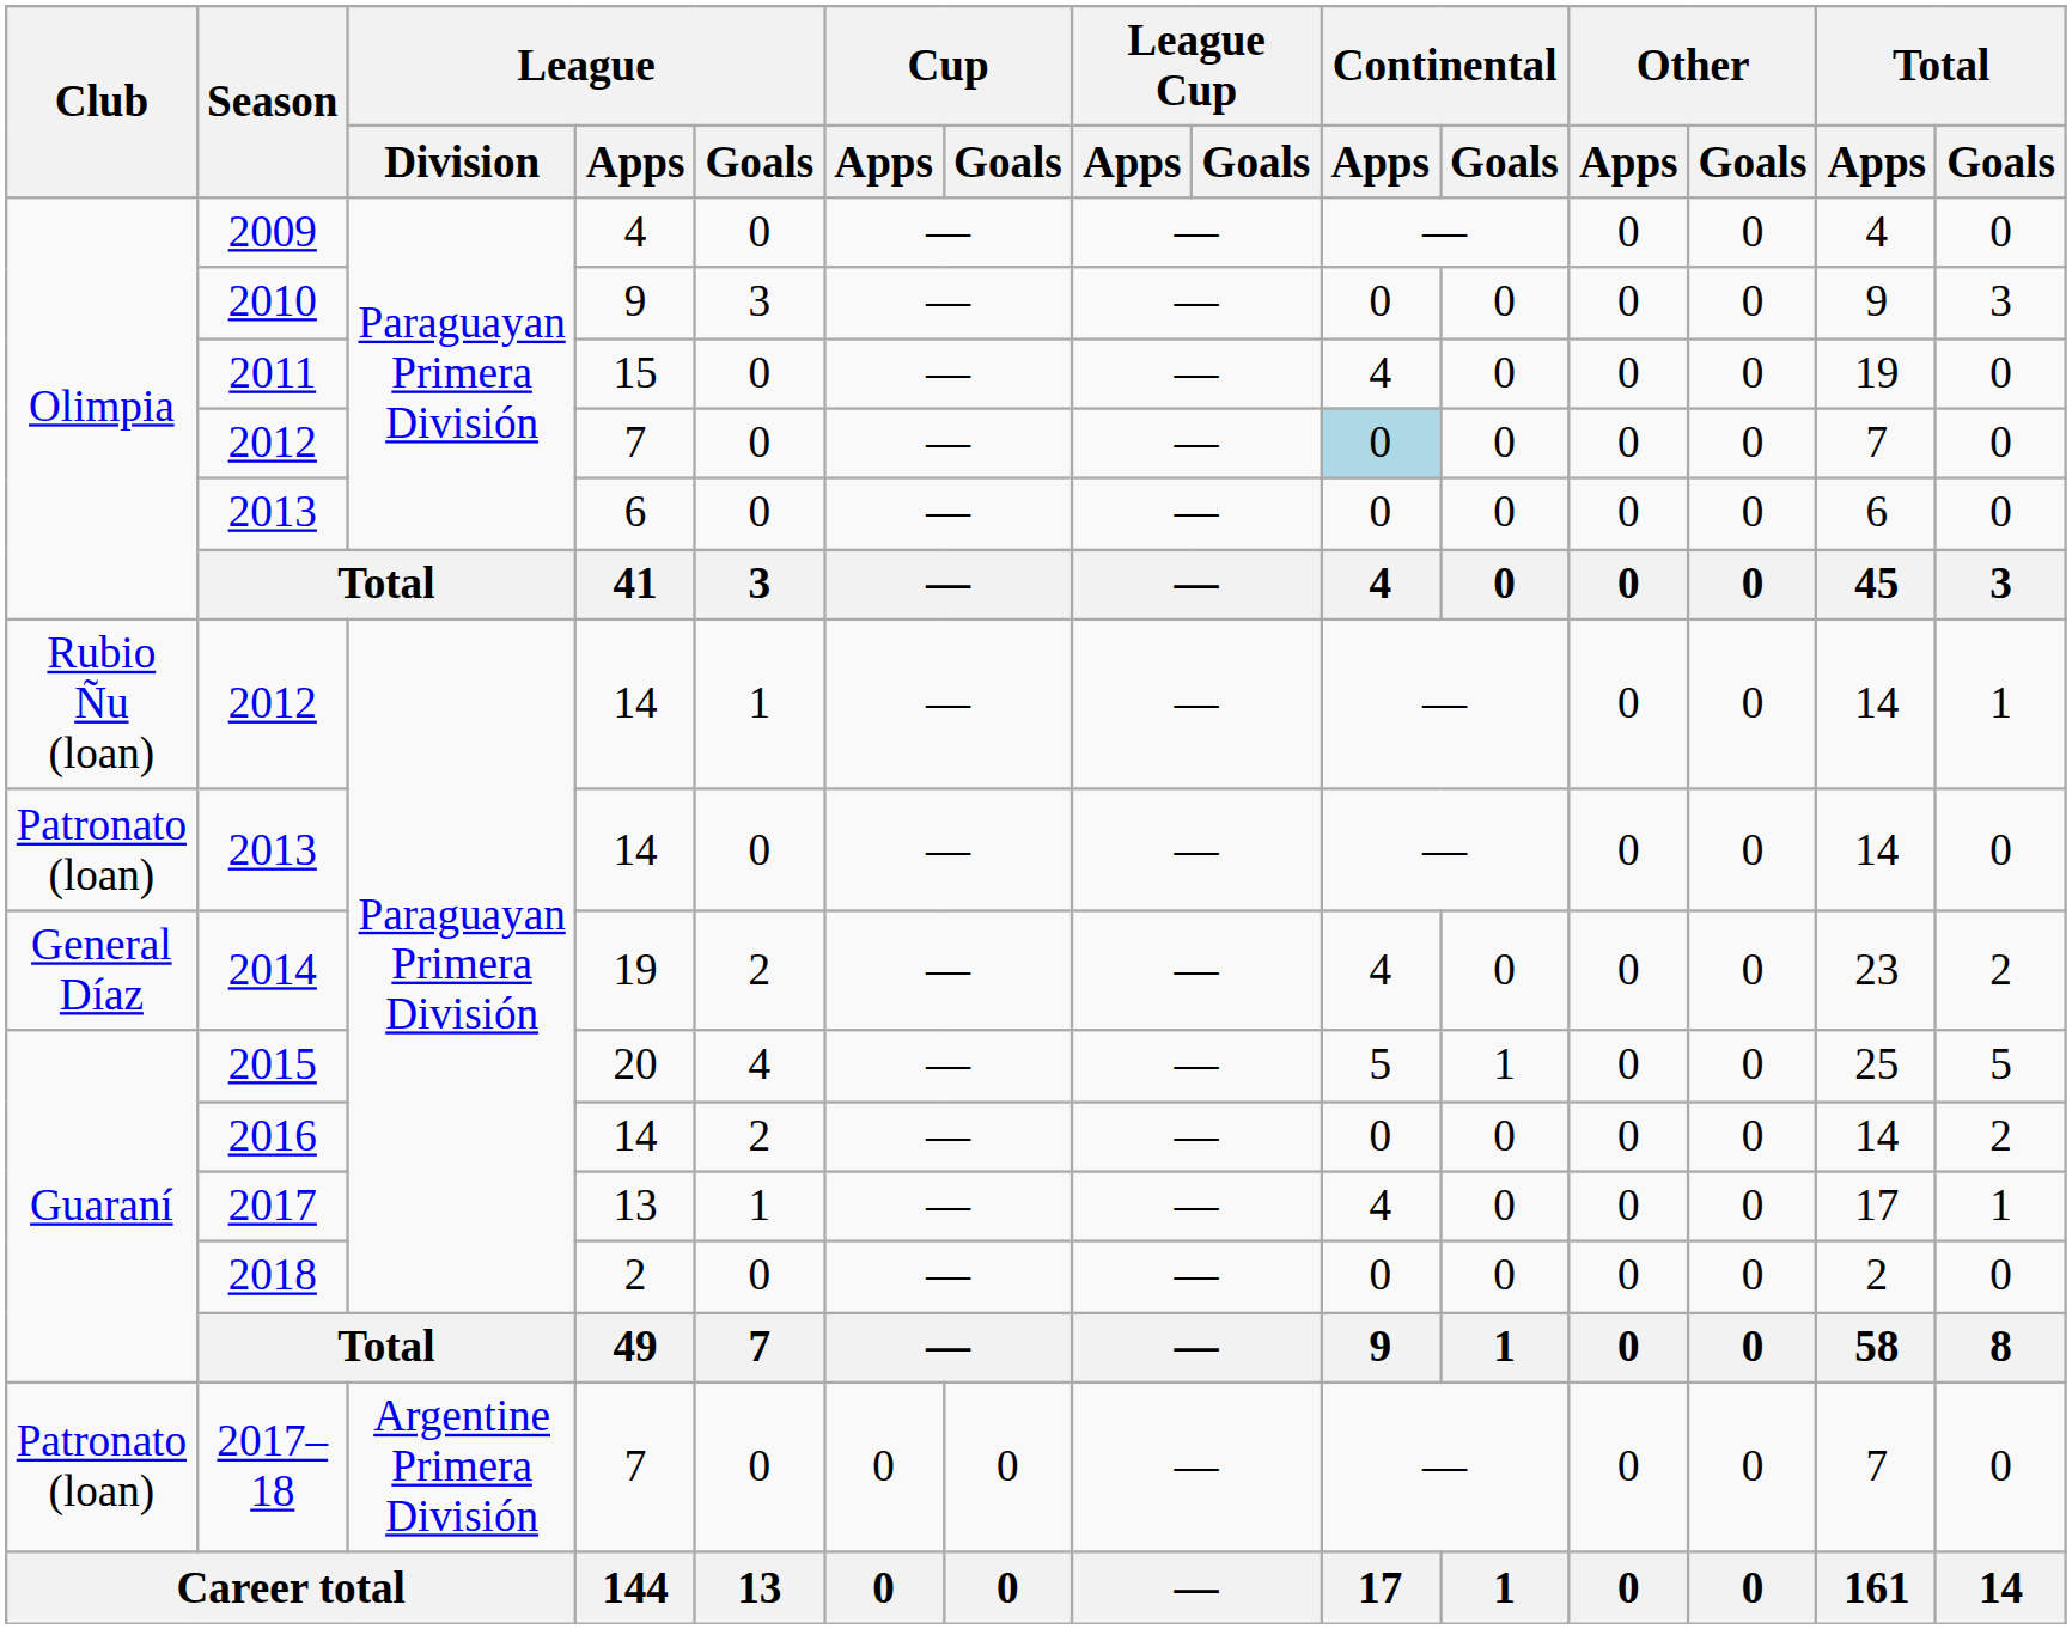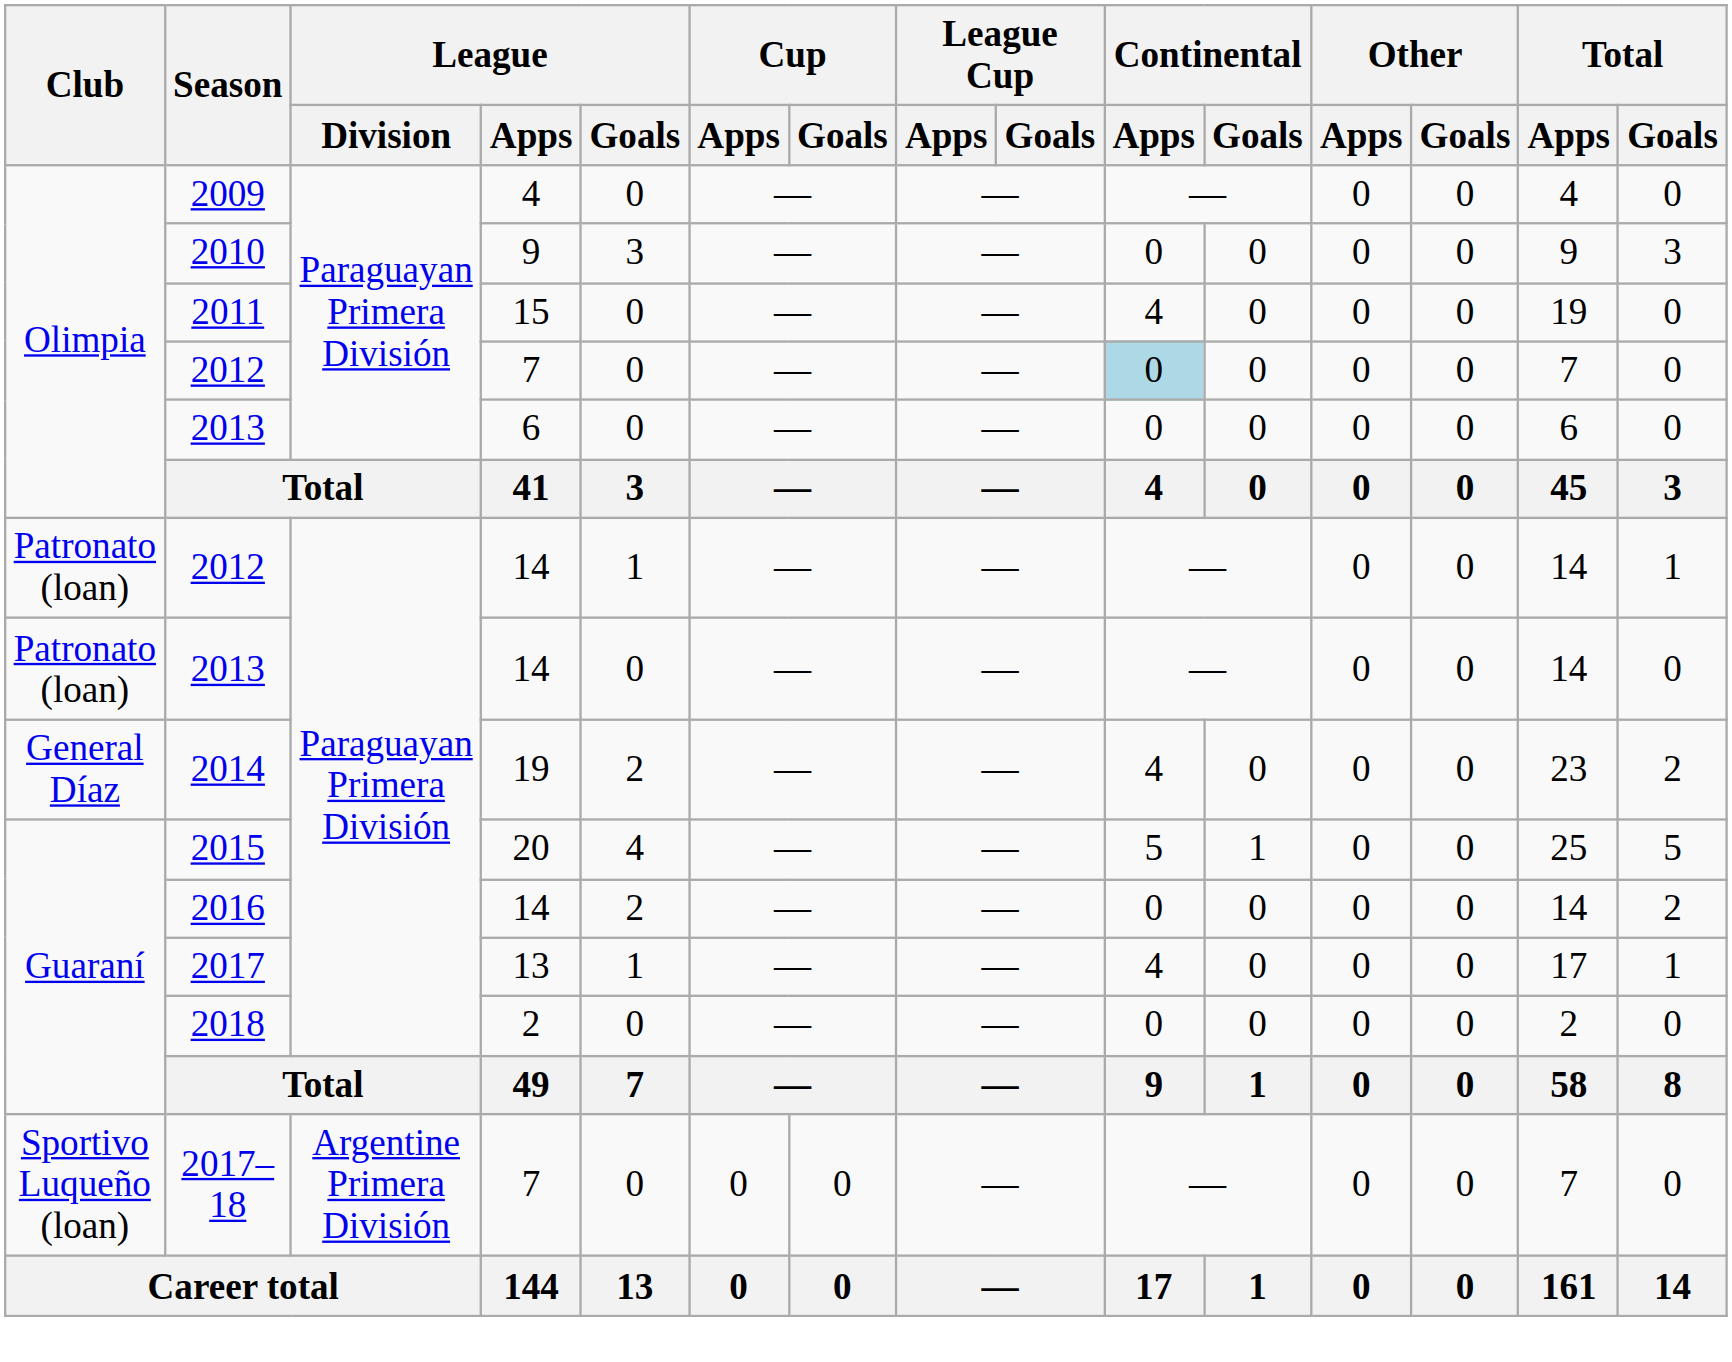 <table class="wikitable" style="text-align:center">
 <tr>
 <th rowspan="2">Club</th>
 <th rowspan="2">Season</th>
 <th colspan="3">League</th>
 <th colspan="2">Cup</th>
 <th colspan="2">League Cup</th>
 <th colspan="2">Continental</th>
 <th colspan="2">Other</th>
 <th colspan="2">Total</th>
 </tr>
 <tr>
 <th>Division</th>
 <th>Apps</th>
 <th>Goals</th>
 <th>Apps</th>
 <th>Goals</th>
 <th>Apps</th>
 <th>Goals</th>
 <th>Apps</th>
 <th>Goals</th>
 <th>Apps</th>
 <th>Goals</th>
 <th>Apps</th>
 <th>Goals</th>
 </tr>
 <tr>
 <td rowspan="6"><a href='#'>Olimpia</a></td>
 <td><a href='#'>2009</a></td>
 <td rowspan="5"><a href='#'>Paraguayan Primera División</a></td>
 <td>4</td>
 <td>0</td>
 <td colspan="2">—</td>
 <td colspan="2">—</td>
 <td colspan="2">—</td>
 <td>0</td>
 <td>0</td>
 <td>4</td>
 <td>0</td>
 </tr>
 <tr>
 <td><a href='#'>2010</a></td>
 <td>9</td>
 <td>3</td>
 <td colspan="2">—</td>
 <td colspan="2">—</td>
 <td>0</td>
 <td>0</td>
 <td>0</td>
 <td>0</td>
 <td>9</td>
 <td>3</td>
 </tr>
 <tr>
 <td><a href='#'>2011</a></td>
 <td>15</td>
 <td>0</td>
 <td colspan="2">—</td>
 <td colspan="2">—</td>
 <td>4</td>
 <td>0</td>
 <td>0</td>
 <td>0</td>
 <td>19</td>
 <td>0</td>
 </tr>
 <tr>
 <td><a href='#'>2012</a></td>
 <td>7</td>
 <td>0</td>
 <td colspan="2">—</td>
 <td colspan="2">—</td>
 <td style="background: lightblue;">0</td>
 <td>0</td>
 <td>0</td>
 <td>0</td>
 <td>7</td>
 <td>0</td>
 </tr>
 <tr>
 <td><a href='#'>2013</a></td>
 <td>6</td>
 <td>0</td>
 <td colspan="2">—</td>
 <td colspan="2">—</td>
 <td>0</td>
 <td>0</td>
 <td>0</td>
 <td>0</td>
 <td>6</td>
 <td>0</td>
 </tr>
 <tr>
 <th colspan="2">Total</th>
 <th>41</th>
 <th>3</th>
 <th colspan="2">—</th>
 <th colspan="2">—</th>
 <th>4</th>
 <th>0</th>
 <th>0</th>
 <th>0</th>
 <th>45</th>
 <th>3</th>
 </tr>
 <tr>
-<td rowspan="1"><a href='#'>Rubio Ñu</a> (loan)</td>
+<td rowspan="1"><a href='#'>Patronato</a> (loan)</td>
 <td><a href='#'>2012</a></td>
 <td rowspan="7"><a href='#'>Paraguayan Primera División</a></td>
 <td>14</td>
 <td>1</td>
 <td colspan="2">—</td>
 <td colspan="2">—</td>
 <td colspan="2">—</td>
 <td>0</td>
 <td>0</td>
 <td>14</td>
 <td>1</td>
 </tr>
 <tr>
 <td rowspan="1"><a href='#'>Patronato</a> (loan)</td>
 <td><a href='#'>2013</a></td>
 <td>14</td>
 <td>0</td>
 <td colspan="2">—</td>
 <td colspan="2">—</td>
 <td colspan="2">—</td>
 <td>0</td>
 <td>0</td>
 <td>14</td>
 <td>0</td>
 </tr>
 <tr>
 <td rowspan="1"><a href='#'>General Díaz</a></td>
 <td><a href='#'>2014</a></td>
 <td>19</td>
 <td>2</td>
 <td colspan="2">—</td>
 <td colspan="2">—</td>
 <td>4</td>
 <td>0</td>
 <td>0</td>
 <td>0</td>
 <td>23</td>
 <td>2</td>
 </tr>
 <tr>
 <td rowspan="5"><a href='#'>Guaraní</a></td>
 <td><a href='#'>2015</a></td>
 <td>20</td>
 <td>4</td>
 <td colspan="2">—</td>
 <td colspan="2">—</td>
 <td>5</td>
 <td>1</td>
 <td>0</td>
 <td>0</td>
 <td>25</td>
 <td>5</td>
 </tr>
 <tr>
 <td><a href='#'>2016</a></td>
 <td>14</td>
 <td>2</td>
 <td colspan="2">—</td>
 <td colspan="2">—</td>
 <td>0</td>
 <td>0</td>
 <td>0</td>
 <td>0</td>
 <td>14</td>
 <td>2</td>
 </tr>
 <tr>
 <td><a href='#'>2017</a></td>
 <td>13</td>
 <td>1</td>
 <td colspan="2">—</td>
 <td colspan="2">—</td>
 <td>4</td>
 <td>0</td>
 <td>0</td>
 <td>0</td>
 <td>17</td>
 <td>1</td>
 </tr>
 <tr>
 <td><a href='#'>2018</a></td>
 <td>2</td>
 <td>0</td>
 <td colspan="2">—</td>
 <td colspan="2">—</td>
 <td>0</td>
 <td>0</td>
 <td>0</td>
 <td>0</td>
 <td>2</td>
 <td>0</td>
 </tr>
 <tr>
 <th colspan="2">Total</th>
 <th>49</th>
 <th>7</th>
 <th colspan="2">—</th>
 <th colspan="2">—</th>
 <th>9</th>
 <th>1</th>
 <th>0</th>
 <th>0</th>
 <th>58</th>
 <th>8</th>
 </tr>
 <tr>
-<td rowspan="1"><a href='#'>Patronato</a> (loan)</td>
+<td rowspan="1"><a href='#'>Sportivo Luqueño</a> (loan)</td>
 <td><a href='#'>2017–18</a></td>
 <td rowspan="1"><a href='#'>Argentine Primera División</a></td>
 <td>7</td>
 <td>0</td>
 <td>0</td>
 <td>0</td>
 <td colspan="2">—</td>
 <td colspan="2">—</td>
 <td>0</td>
 <td>0</td>
 <td>7</td>
 <td>0</td>
 </tr>
 <tr>
 <th colspan="3">Career total</th>
 <th>144</th>
 <th>13</th>
 <th>0</th>
 <th>0</th>
 <th colspan="2">—</th>
 <th>17</th>
 <th>1</th>
 <th>0</th>
 <th>0</th>
 <th>161</th>
 <th>14</th>
 </tr>
 </table>
